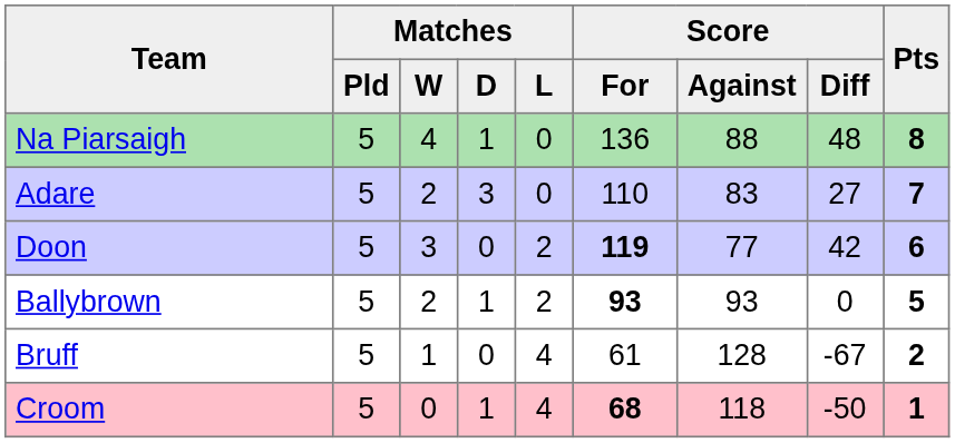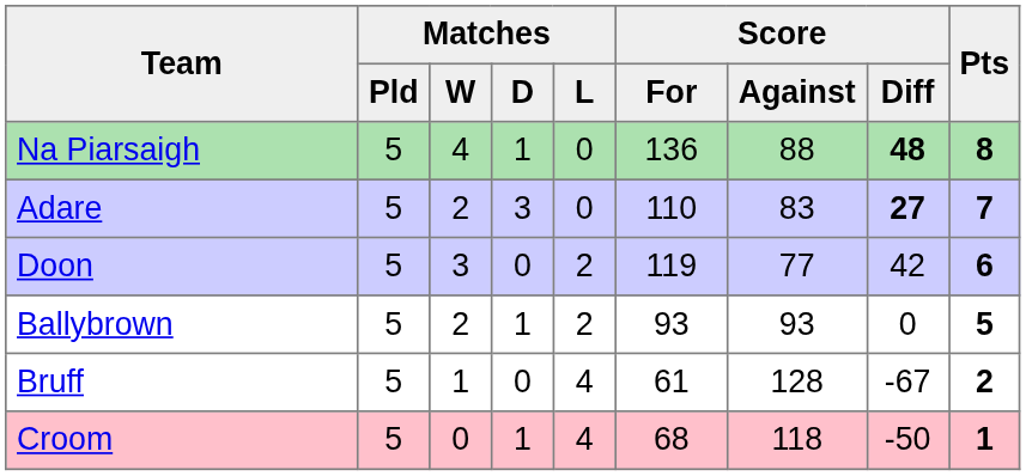 <table style=border-collapse:collapse border=1 cellspacing=0 cellpadding=5>
 <tr align=center bgcolor=#efefef>
 <th rowspan=2 width=165>Team</th>
 <th colspan=4>Matches</th>
 <th colspan=3>Score</th>
 <th rowspan=2width=20>Pts</th>
 </tr>
 <tr align=center bgcolor=#efefef>
 <th width=20>Pld</th>
 <th width=20>W</th>
 <th width=20>D</th>
 <th width=20>L</th>
 <th width=45>For</th>
 <th width=45>Against</th>
 <th width=30>Diff</th>
 </tr>
 <tr align=center  style="background:#ACE1AF;">
 <td style="text-align:left;"><a href='#'>Na Piarsaigh</a></td>
 <td>5</td>
 <td>4</td>
 <td>1</td>
 <td>0</td>
 <td>136</td>
 <td>88</td>
-<td>48</td>
+<td><strong>48</strong></td>
 <td><strong>8</strong></td>
 </tr>
 <tr align=center style="background:#ccccff;">
 <td style="text-align:left;"><a href='#'>Adare</a></td>
 <td>5</td>
 <td>2</td>
 <td>3</td>
 <td>0</td>
 <td>110</td>
 <td>83</td>
-<td>27</td>
+<td><strong>27</strong></td>
 <td><strong>7</strong></td>
 </tr>
 <tr align=center style="background:#ccccff;">
 <td style="text-align:left;"><a href='#'>Doon</a></td>
 <td>5</td>
 <td>3</td>
 <td>0</td>
 <td>2</td>
-<td><strong>119</strong></td>
+<td>119</td>
 <td>77</td>
 <td>42</td>
 <td><strong>6</strong></td>
 </tr>
 <tr align=center>
 <td style="text-align:left;"><a href='#'>Ballybrown</a></td>
 <td>5</td>
 <td>2</td>
 <td>1</td>
 <td>2</td>
-<td><strong>93</strong></td>
+<td>93</td>
 <td>93</td>
 <td>0</td>
 <td><strong>5</strong></td>
 </tr>
 <tr align=center>
 <td style="text-align:left;"><a href='#'>Bruff</a></td>
 <td>5</td>
 <td>1</td>
 <td>0</td>
 <td>4</td>
 <td>61</td>
 <td>128</td>
 <td>-67</td>
 <td><strong>2</strong></td>
 </tr>
 <tr align=center style="background:#FFC0CB;">
 <td style="text-align:left;"><a href='#'>Croom</a></td>
 <td>5</td>
 <td>0</td>
 <td>1</td>
 <td>4</td>
-<td><strong>68</strong></td>
+<td>68</td>
 <td>118</td>
 <td>-50</td>
 <td><strong>1</strong></td>
 </tr>
 </table>
